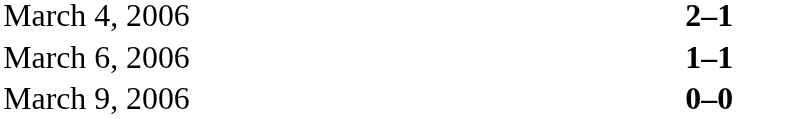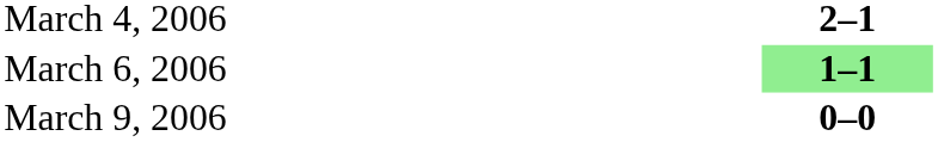 <table width=100% cellspacing=1>
 <tr>
 <th width=120></th>
 <th width=220></th>
 <th width=70></th>
 <th width=220></th>
 <th></th>
 </tr>
 <tr>
 <td align=right>March 4, 2006</td>
 <td align=right><strong></strong></td>
 <td align=center><strong>2–1</strong></td>
 <td><strong></strong></td>
 </tr>
 <tr>
 <td align=right>March 6, 2006</td>
 <td align=right><strong></strong></td>
-<td align=center><strong>1–1</strong></td>
+<td align=center style="background: lightgreen;"><strong>1–1</strong></td>
 <td><strong></strong></td>
 </tr>
 <tr>
 <td align=right>March 9, 2006</td>
 <td align=right><strong></strong></td>
 <td align=center><strong>0–0</strong></td>
 <td><strong></strong></td>
 </tr>
 </table>
